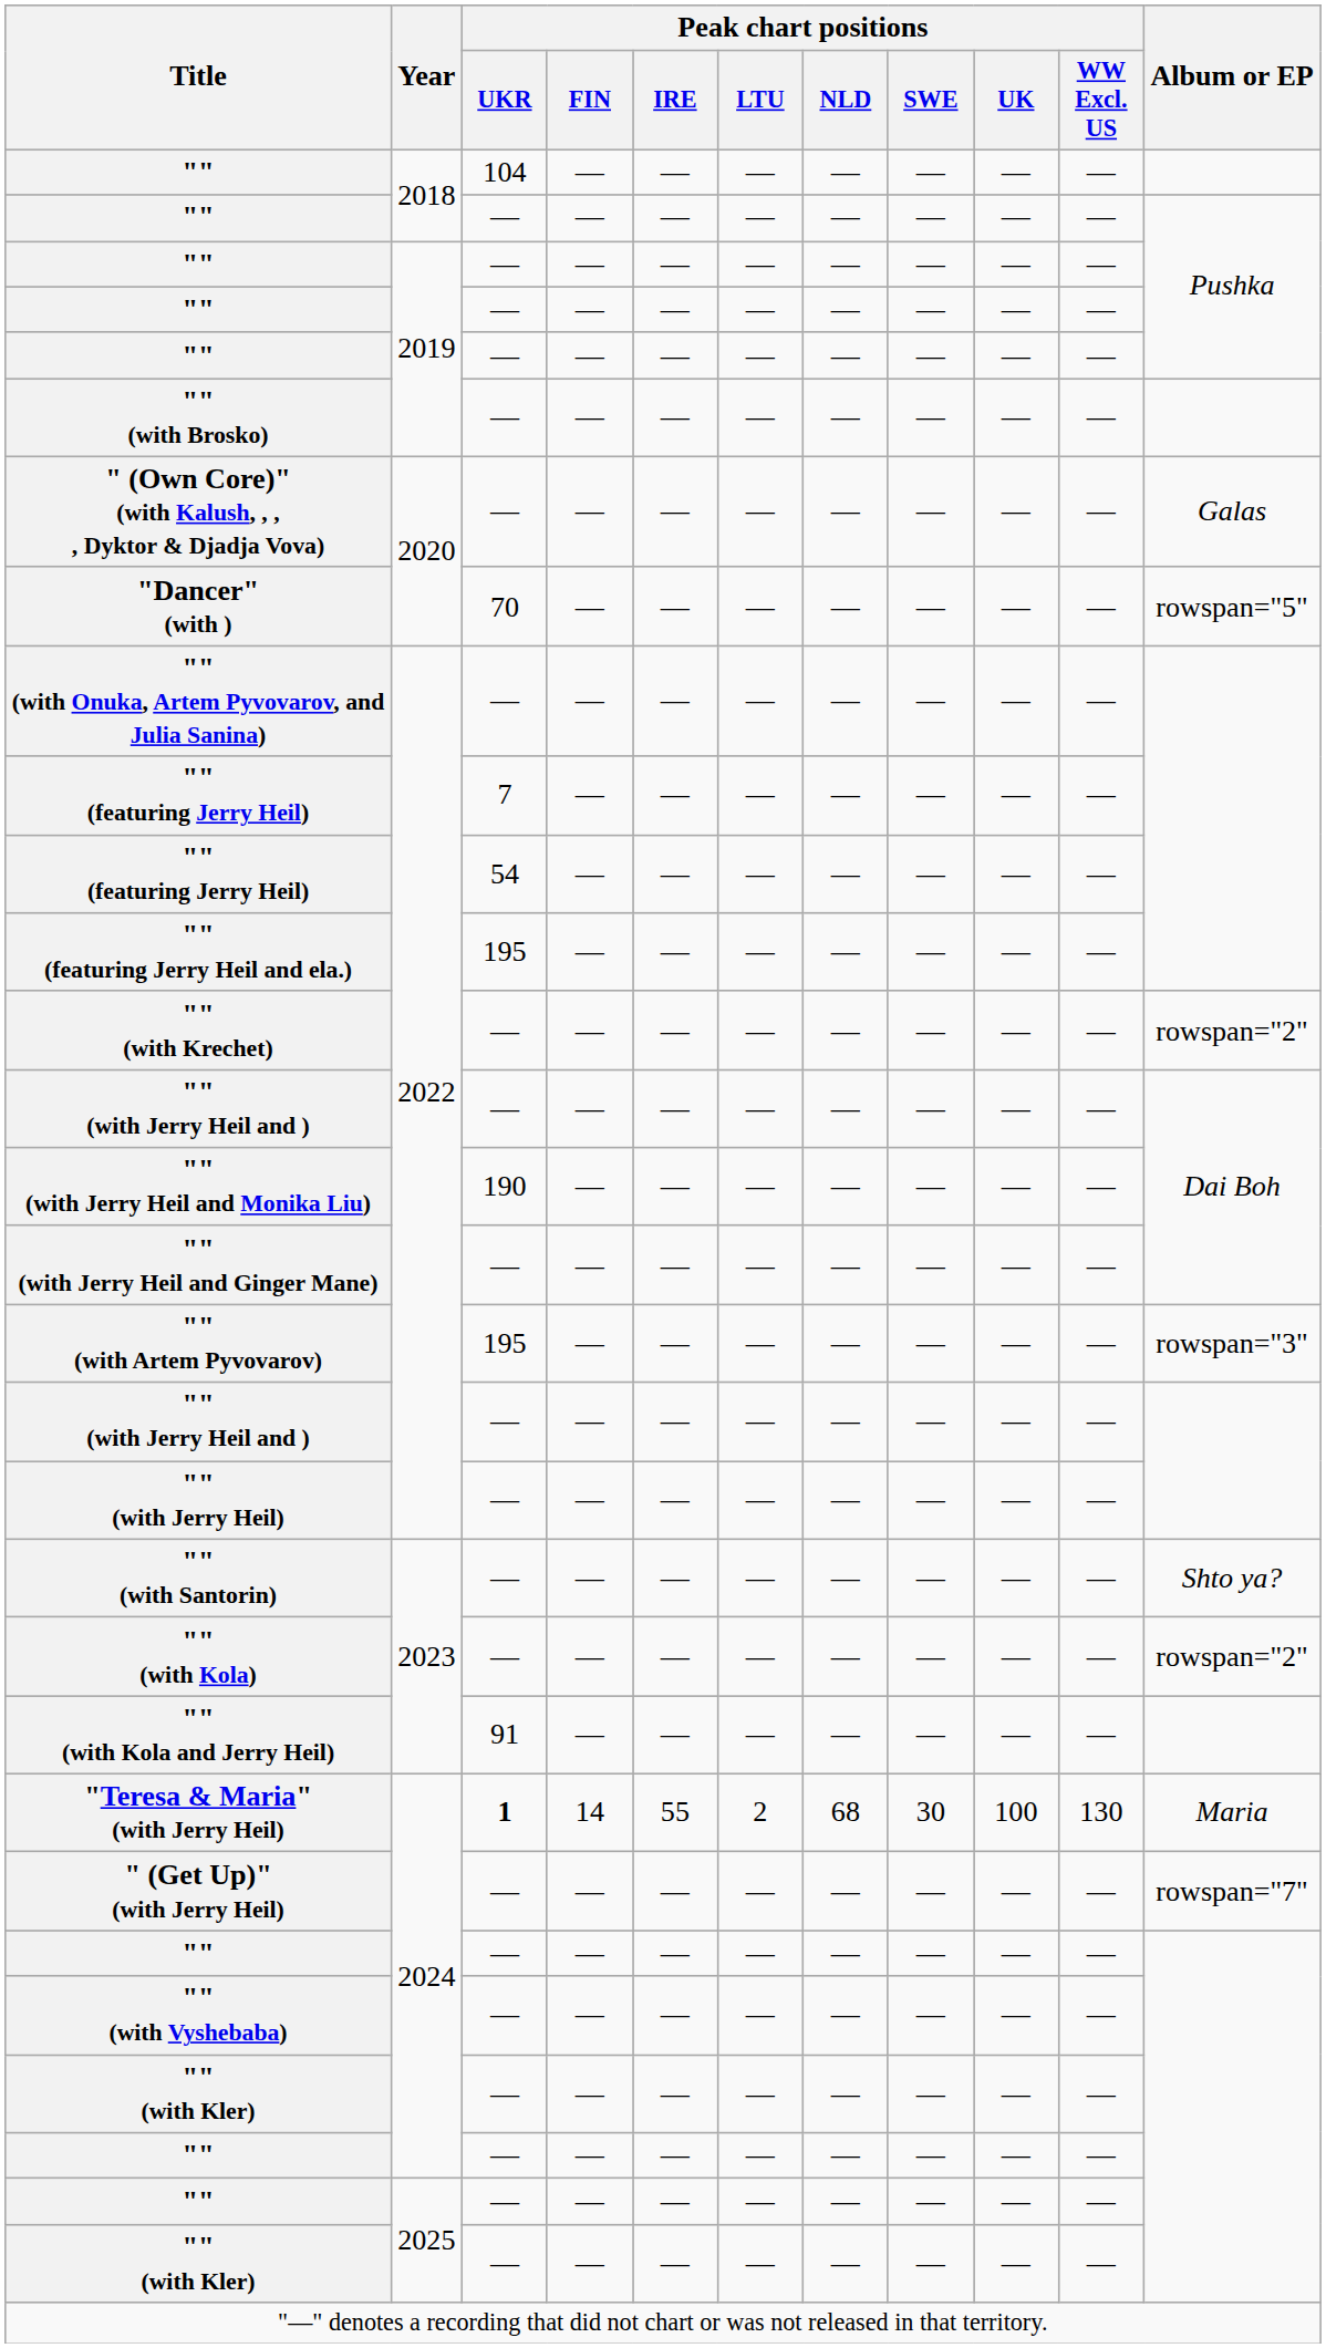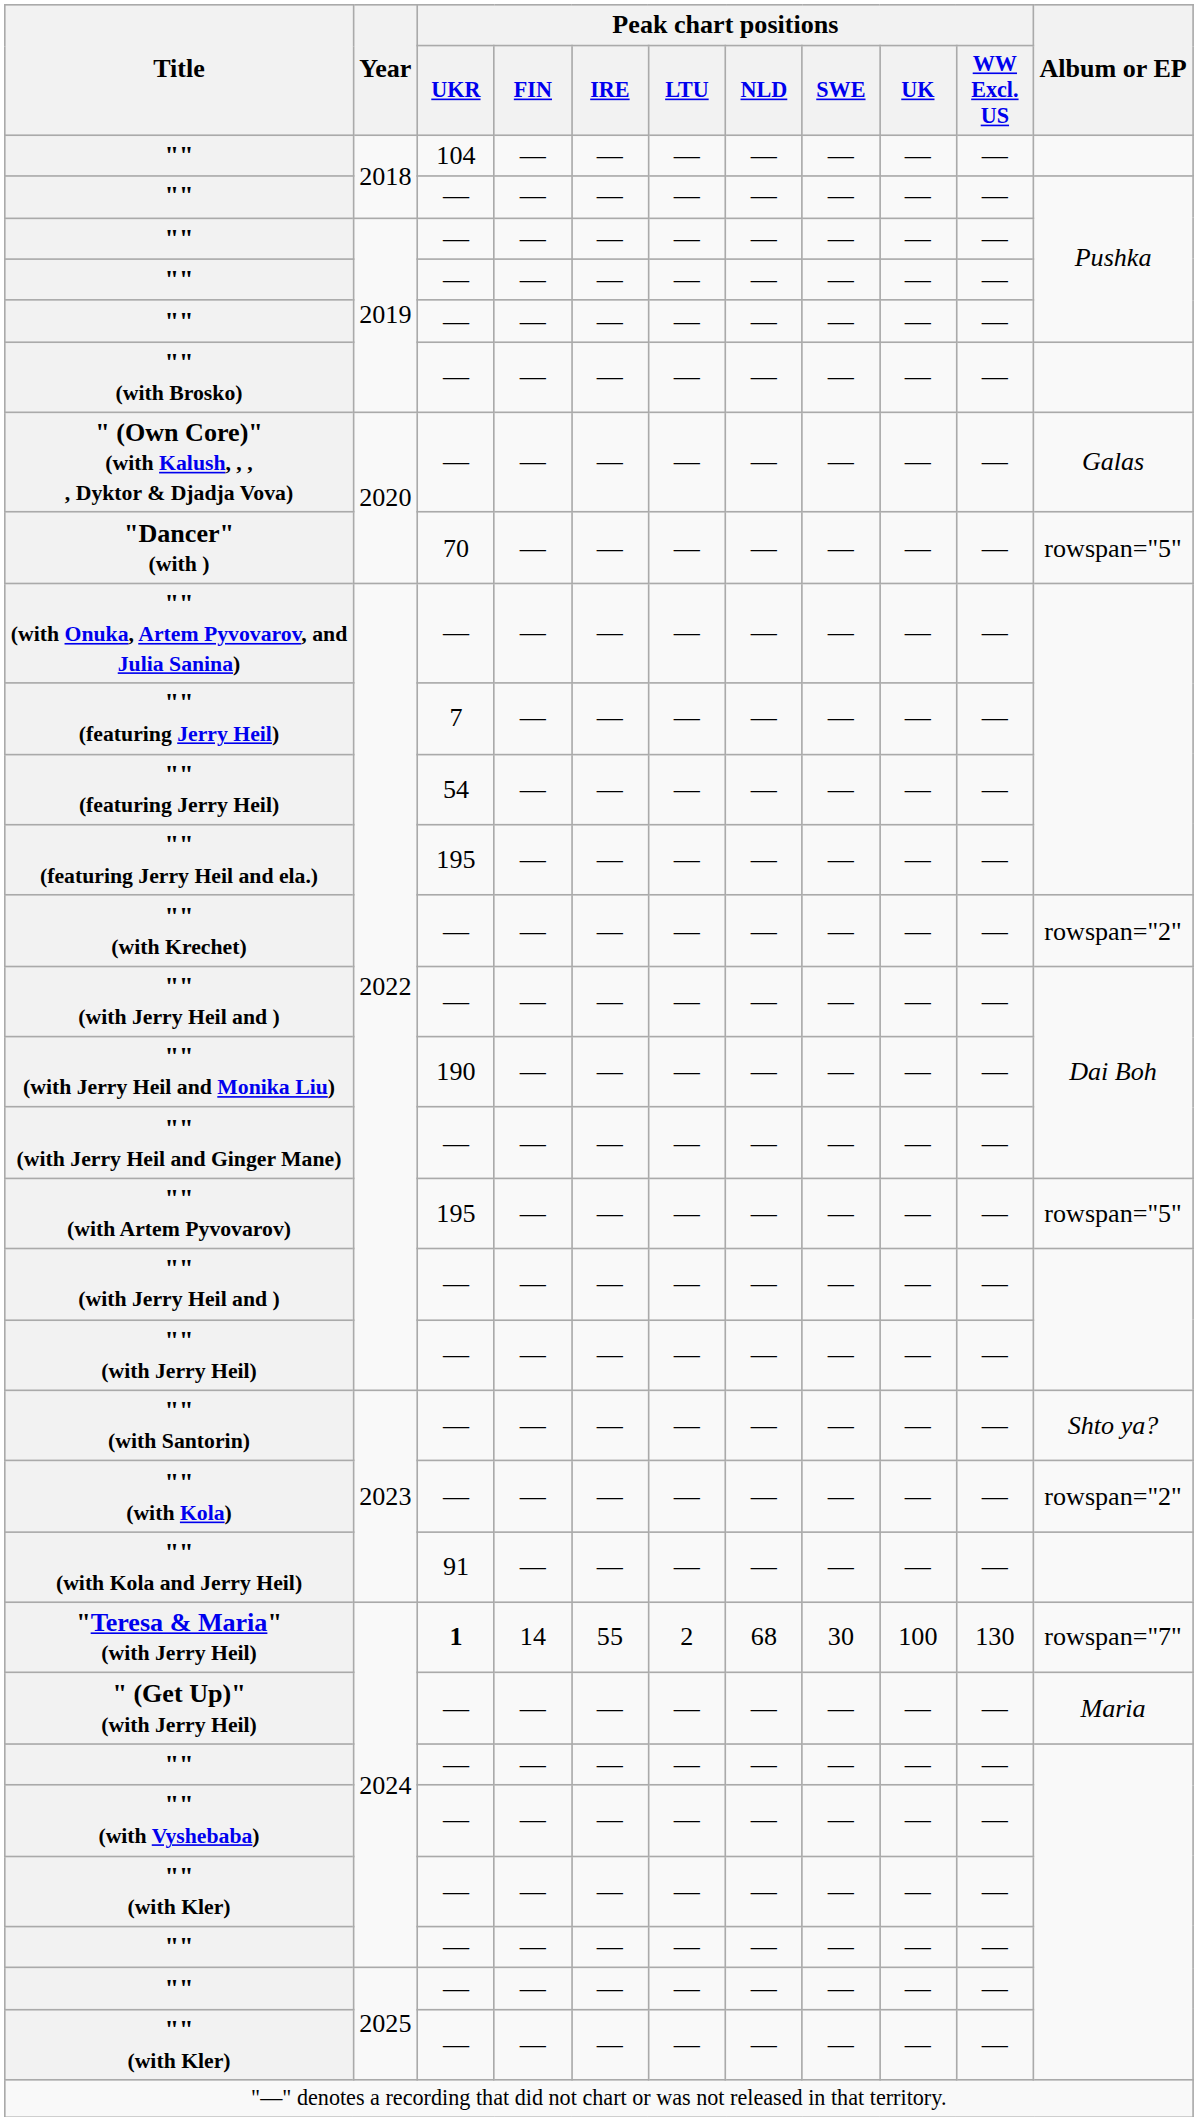 <table class="wikitable plainrowheaders" style="text-align:center;">
 <tr>
 <th scope="col" rowspan="2">Title</th>
 <th scope="col" rowspan="2">Year</th>
 <th scope="col" colspan="8">Peak chart positions</th>
 <th scope="col" rowspan="2">Album or EP</th>
 </tr>
 <tr>
 <th scope="col" style="width:3em;font-size:85%;"><a href='#'>UKR</a><br></th>
 <th scope="col" style="width:3em;font-size:85%;"><a href='#'>FIN</a><br></th>
 <th scope="col" style="width:3em;font-size:85%;"><a href='#'>IRE</a><br></th>
 <th scope="col" style="width:3em;font-size:85%;"><a href='#'>LTU</a><br></th>
 <th scope="col" style="width:3em;font-size:85%;"><a href='#'>NLD</a><br></th>
 <th scope="col" style="width:3em;font-size:85%;"><a href='#'>SWE</a><br></th>
 <th scope="col" style="width:3em;font-size:85%;"><a href='#'>UK</a><br></th>
 <th scope="col" style="width:3em;font-size:85%;"><a href='#'>WW<br>Excl. US</a><br></th>
 </tr>
 <tr>
 <th scope="row">""</th>
 <td rowspan="2">2018</td>
 <td>104</td>
 <td>—</td>
 <td>—</td>
 <td>—</td>
 <td>—</td>
 <td>—</td>
 <td>—</td>
 <td>—</td>
 <td></td>
 </tr>
 <tr>
 <th scope="row">""</th>
 <td>—</td>
 <td>—</td>
 <td>—</td>
 <td>—</td>
 <td>—</td>
 <td>—</td>
 <td>—</td>
 <td>—</td>
 <td rowspan="4"><em>Pushka</em></td>
 </tr>
 <tr>
 <th scope="row">""</th>
 <td rowspan="4">2019</td>
 <td>—</td>
 <td>—</td>
 <td>—</td>
 <td>—</td>
 <td>—</td>
 <td>—</td>
 <td>—</td>
 <td>—</td>
 </tr>
 <tr>
 <th scope="row">""</th>
 <td>—</td>
 <td>—</td>
 <td>—</td>
 <td>—</td>
 <td>—</td>
 <td>—</td>
 <td>—</td>
 <td>—</td>
 </tr>
 <tr>
 <th scope="row">""</th>
 <td>—</td>
 <td>—</td>
 <td>—</td>
 <td>—</td>
 <td>—</td>
 <td>—</td>
 <td>—</td>
 <td>—</td>
 </tr>
 <tr>
 <th scope="row">""<br><small>(with Brosko)</small></th>
 <td>—</td>
 <td>—</td>
 <td>—</td>
 <td>—</td>
 <td>—</td>
 <td>—</td>
 <td>—</td>
 <td>—</td>
 <td></td>
 </tr>
 <tr>
 <th scope="row">" (Own Core)"<br><small>(with <a href='#'>Kalush</a>, , ,<br>, Dyktor & Djadja Vova)</small></th>
 <td rowspan="2">2020</td>
 <td>—</td>
 <td>—</td>
 <td>—</td>
 <td>—</td>
 <td>—</td>
 <td>—</td>
 <td>—</td>
 <td>—</td>
 <td><em>Galas</em></td>
 </tr>
 <tr>
 <th scope="row">"Dancer"<br><small>(with )</small></th>
 <td>70</td>
 <td>—</td>
 <td>—</td>
 <td>—</td>
 <td>—</td>
 <td>—</td>
 <td>—</td>
 <td>—</td>
 <td>rowspan="5" </td>
 </tr>
 <tr>
 <th scope="row">""<br><small>(with <a href='#'>Onuka</a>, <a href='#'>Artem Pyvovarov</a>, and<br><a href='#'>Julia Sanina</a>)</small></th>
 <td rowspan="11">2022</td>
 <td>—</td>
 <td>—</td>
 <td>—</td>
 <td>—</td>
 <td>—</td>
 <td>—</td>
 <td>—</td>
 <td>—</td>
 </tr>
 <tr>
 <th scope="row">""<br><small>(featuring <a href='#'>Jerry Heil</a>)</small></th>
 <td>7</td>
 <td>—</td>
 <td>—</td>
 <td>—</td>
 <td>—</td>
 <td>—</td>
 <td>—</td>
 <td>—</td>
 </tr>
 <tr>
 <th scope="row">""<br><small>(featuring Jerry Heil)</small></th>
 <td>54</td>
 <td>—</td>
 <td>—</td>
 <td>—</td>
 <td>—</td>
 <td>—</td>
 <td>—</td>
 <td>—</td>
 </tr>
 <tr>
 <th scope="row">""<br><small>(featuring Jerry Heil and ela.)</small></th>
 <td>195</td>
 <td>—</td>
 <td>—</td>
 <td>—</td>
 <td>—</td>
 <td>—</td>
 <td>—</td>
 <td>—</td>
 </tr>
 <tr>
 <th scope="row">""<br><small>(with Krechet)</small></th>
 <td>—</td>
 <td>—</td>
 <td>—</td>
 <td>—</td>
 <td>—</td>
 <td>—</td>
 <td>—</td>
 <td>—</td>
 <td>rowspan="2" </td>
 </tr>
 <tr>
 <th scope="row">""<br><small>(with Jerry Heil and )</small></th>
 <td>—</td>
 <td>—</td>
 <td>—</td>
 <td>—</td>
 <td>—</td>
 <td>—</td>
 <td>—</td>
 <td>—</td>
 <td rowspan="3"><em>Dai Boh</em></td>
 </tr>
 <tr>
 <th scope="row">""<br><small>(with Jerry Heil and <a href='#'>Monika Liu</a>)</small></th>
 <td>190</td>
 <td>—</td>
 <td>—</td>
 <td>—</td>
 <td>—</td>
 <td>—</td>
 <td>—</td>
 <td>—</td>
 </tr>
 <tr>
 <th scope="row">""<br><small>(with Jerry Heil and Ginger Mane)</small></th>
 <td>—</td>
 <td>—</td>
 <td>—</td>
 <td>—</td>
 <td>—</td>
 <td>—</td>
 <td>—</td>
 <td>—</td>
 </tr>
 <tr>
 <th scope="row">""<br><small>(with Artem Pyvovarov)</small></th>
 <td>195</td>
 <td>—</td>
 <td>—</td>
 <td>—</td>
 <td>—</td>
 <td>—</td>
 <td>—</td>
 <td>—</td>
-<td>rowspan="3" </td>
+<td>rowspan="5" </td>
 </tr>
 <tr>
 <th scope="row">""<br><small>(with Jerry Heil and )</small></th>
 <td>—</td>
 <td>—</td>
 <td>—</td>
 <td>—</td>
 <td>—</td>
 <td>—</td>
 <td>—</td>
 <td>—</td>
 </tr>
 <tr>
 <th scope="row">""<br><small>(with Jerry Heil)</small></th>
 <td>—</td>
 <td>—</td>
 <td>—</td>
 <td>—</td>
 <td>—</td>
 <td>—</td>
 <td>—</td>
 <td>—</td>
 </tr>
 <tr>
 <th scope="row">""<br><small>(with Santorin)</small></th>
 <td rowspan="3">2023</td>
 <td>—</td>
 <td>—</td>
 <td>—</td>
 <td>—</td>
 <td>—</td>
 <td>—</td>
 <td>—</td>
 <td>—</td>
 <td><em>Shto ya?</em></td>
 </tr>
 <tr>
 <th scope="row">""<br><small>(with <a href='#'>Kola</a>)</small></th>
 <td>—</td>
 <td>—</td>
 <td>—</td>
 <td>—</td>
 <td>—</td>
 <td>—</td>
 <td>—</td>
 <td>—</td>
 <td>rowspan="2" </td>
 </tr>
 <tr>
 <th scope="row">""<br><small>(with Kola and Jerry Heil)</small></th>
 <td>91</td>
 <td>—</td>
 <td>—</td>
 <td>—</td>
 <td>—</td>
 <td>—</td>
 <td>—</td>
 <td>—</td>
 </tr>
 <tr>
 <th scope="row">"<a href='#'>Teresa & Maria</a>"<br><small>(with Jerry Heil)</small></th>
 <td rowspan="6">2024</td>
 <td><strong>1</strong></td>
 <td>14</td>
 <td>55</td>
 <td>2</td>
 <td>68</td>
 <td>30</td>
 <td>100</td>
 <td>130</td>
-<td><em>Maria</em></td>
+<td>rowspan="7" </td>
 </tr>
 <tr>
 <th scope="row">" (Get Up)"<br><small>(with Jerry Heil)</small></th>
 <td>—</td>
 <td>—</td>
 <td>—</td>
 <td>—</td>
 <td>—</td>
 <td>—</td>
 <td>—</td>
 <td>—</td>
-<td>rowspan="7" </td>
+<td><em>Maria</em></td>
 </tr>
 <tr>
 <th scope="row">""</th>
 <td>—</td>
 <td>—</td>
 <td>—</td>
 <td>—</td>
 <td>—</td>
 <td>—</td>
 <td>—</td>
 <td>—</td>
 </tr>
 <tr>
 <th scope="row">""<br><small>(with <a href='#'>Vyshebaba</a>)</small></th>
 <td>—</td>
 <td>—</td>
 <td>—</td>
 <td>—</td>
 <td>—</td>
 <td>—</td>
 <td>—</td>
 <td>—</td>
 </tr>
 <tr>
 <th scope="row">""<br><small>(with Kler)</small></th>
 <td>—</td>
 <td>—</td>
 <td>—</td>
 <td>—</td>
 <td>—</td>
 <td>—</td>
 <td>—</td>
 <td>—</td>
 </tr>
 <tr>
 <th scope="row">""</th>
 <td>—</td>
 <td>—</td>
 <td>—</td>
 <td>—</td>
 <td>—</td>
 <td>—</td>
 <td>—</td>
 <td>—</td>
 </tr>
 <tr>
 <th scope="row">""</th>
 <td rowspan="2">2025</td>
 <td>—</td>
 <td>—</td>
 <td>—</td>
 <td>—</td>
 <td>—</td>
 <td>—</td>
 <td>—</td>
 <td>—</td>
 </tr>
 <tr>
 <th scope="row">""<br><small>(with Kler)</small></th>
 <td>—</td>
 <td>—</td>
 <td>—</td>
 <td>—</td>
 <td>—</td>
 <td>—</td>
 <td>—</td>
 <td>—</td>
 </tr>
 <tr>
 <td colspan="11" style="font-size:85%">"—" denotes a recording that did not chart or was not released in that territory.</td>
 </tr>
 </table>
